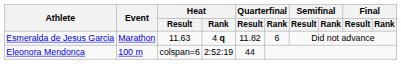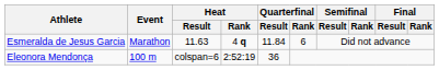 <table class="wikitable" style="font-size:90%">
 <tr>
 <th rowspan="2">Athlete</th>
 <th rowspan="2">Event</th>
 <th colspan="2">Heat</th>
 <th colspan="2">Quarterfinal</th>
 <th colspan="2">Semifinal</th>
 <th colspan="2">Final</th>
 </tr>
 <tr style="font-size:95%">
 <th>Result</th>
 <th>Rank</th>
 <th>Result</th>
 <th>Rank</th>
 <th>Result</th>
 <th>Rank</th>
 <th>Result</th>
 <th>Rank</th>
 </tr>
 <tr align=center>
 <td align=left rowspan="1"><a href='#'>Esmeralda de Jesus Garcia</a></td>
 <td align=left><a href='#'>Marathon</a></td>
 <td>11.63</td>
 <td>4 <strong>q</strong></td>
-<td>11.82</td>
+<td>11.84</td>
 <td>6</td>
 <td colspan=6>Did not advance</td>
 </tr>
 <tr align=center>
 <td align=left rowspan="1"><a href='#'>Eleonora Mendonça</a></td>
 <td align=left><a href='#'>100 m</a></td>
 <td>colspan=6 </td>
 <td>2:52:19</td>
-<td>44</td>
+<td>36</td>
 </tr>
 </table>
